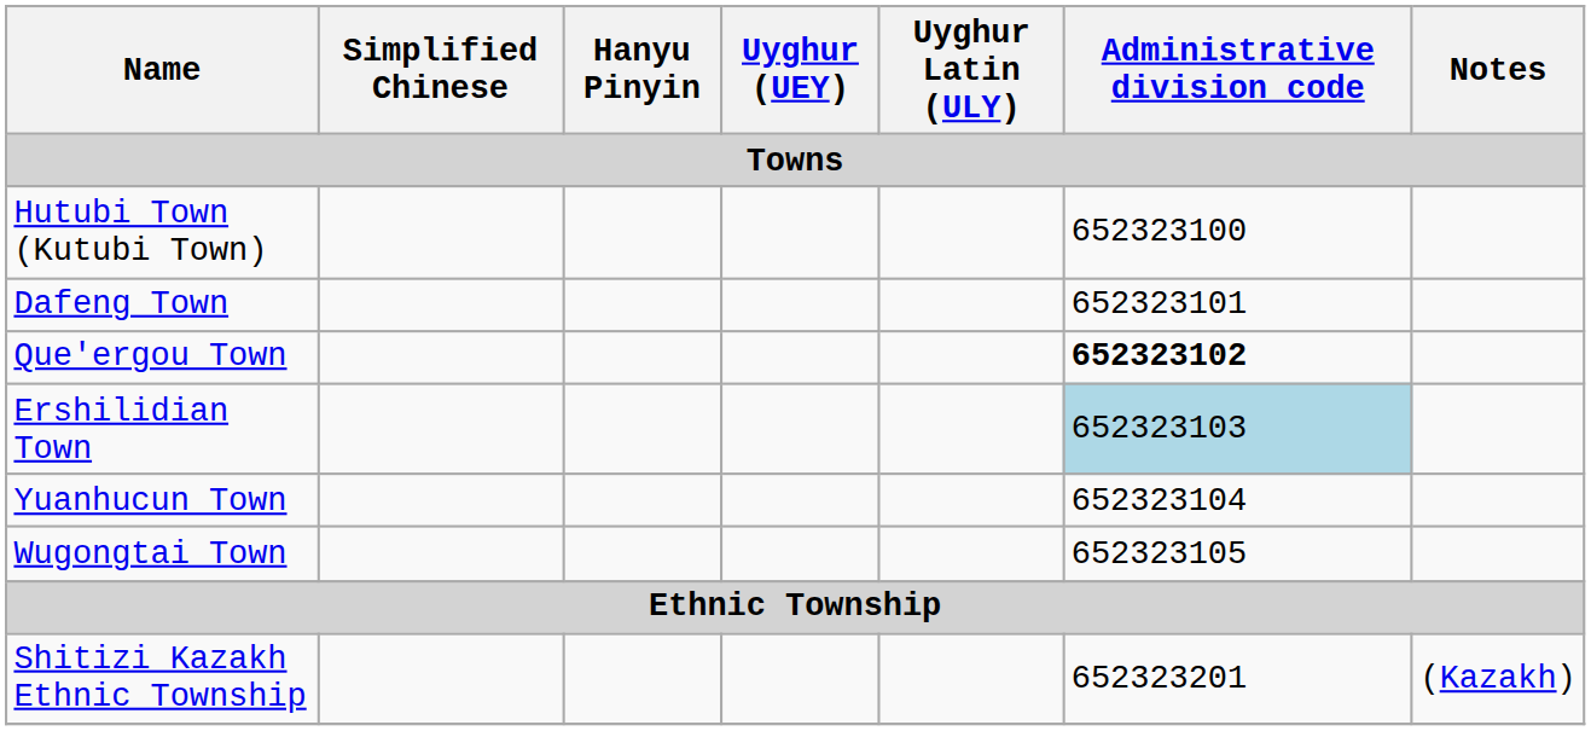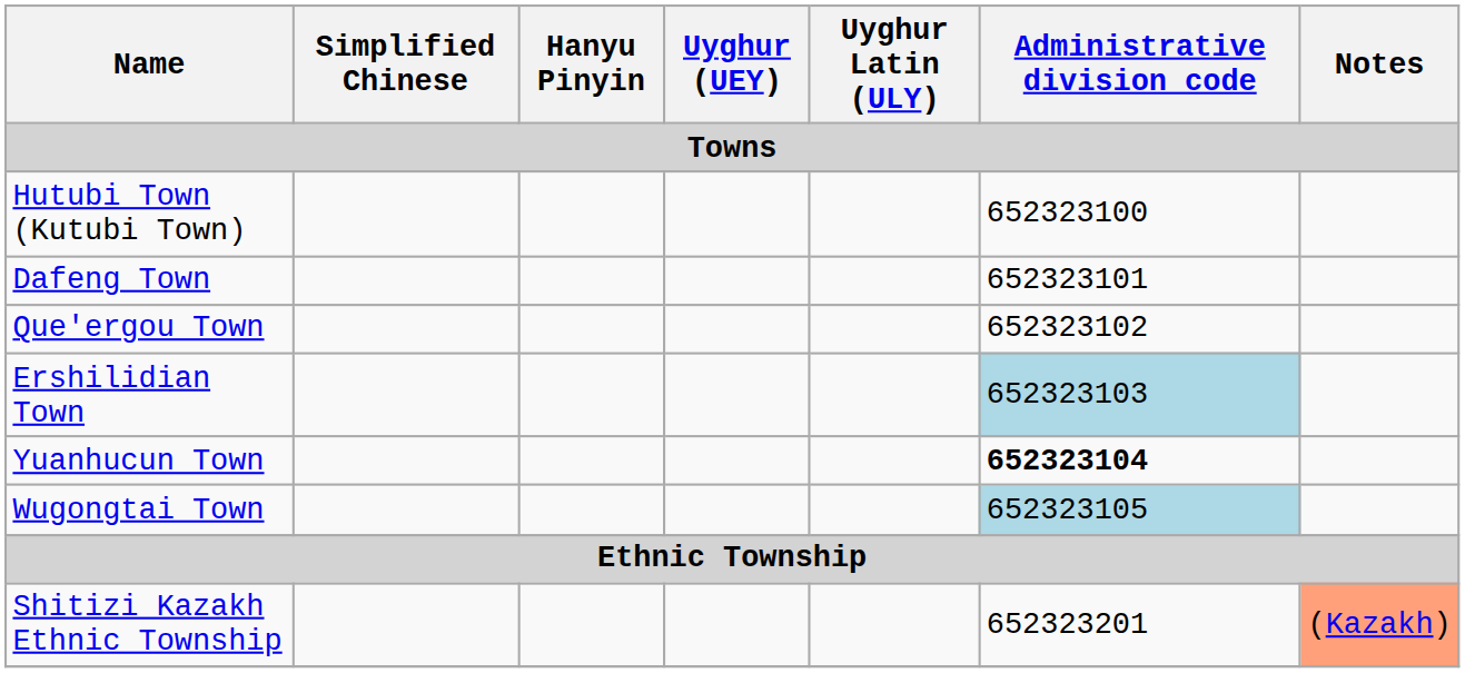 <table class="wikitable" align="center" style="width:50%; border="1">
 <tr>
 <th>Name</th>
 <th>Simplified Chinese</th>
 <th>Hanyu Pinyin</th>
 <th><a href='#'>Uyghur</a> (<a href='#'>UEY</a>)</th>
 <th>Uyghur Latin (<a href='#'>ULY</a>)</th>
 <th><a href='#'>Administrative division code</a></th>
 <th>Notes</th>
 </tr>
 <tr>
 <td colspan="7"  style="text-align:center; background:#d3d3d3;"><strong>Towns</strong></td>
 </tr>
 <tr --------->
 <td><a href='#'>Hutubi Town</a><br>(Kutubi Town)</td>
 <td></td>
 <td></td>
 <td></td>
 <td></td>
 <td>652323100</td>
 <td></td>
 </tr>
 <tr>
 <td><a href='#'>Dafeng Town</a></td>
 <td></td>
 <td></td>
 <td></td>
 <td></td>
 <td>652323101</td>
 <td></td>
 </tr>
 <tr>
 <td><a href='#'>Que'ergou Town</a></td>
 <td></td>
 <td></td>
 <td></td>
 <td></td>
-<td><strong>652323102</strong></td>
+<td>652323102</td>
 <td></td>
 </tr>
 <tr>
 <td><a href='#'>Ershilidian Town</a></td>
 <td></td>
 <td></td>
 <td></td>
 <td></td>
 <td style="background: lightblue;">652323103</td>
 <td></td>
 </tr>
 <tr>
 <td><a href='#'>Yuanhucun Town</a></td>
 <td></td>
 <td></td>
 <td></td>
 <td></td>
-<td>652323104</td>
+<td><strong>652323104</strong></td>
 <td></td>
 </tr>
 <tr>
 <td><a href='#'>Wugongtai Town</a></td>
 <td></td>
 <td></td>
 <td></td>
 <td></td>
-<td>652323105</td>
+<td style="background: lightblue;">652323105</td>
 <td></td>
 </tr>
 <tr>
 <td colspan="7"  style="text-align:center; background:#d3d3d3;"><strong>Ethnic Township</strong></td>
 </tr>
 <tr --------->
 <td><a href='#'>Shitizi Kazakh Ethnic Township</a></td>
 <td></td>
 <td></td>
 <td></td>
 <td></td>
 <td>652323201</td>
-<td>(<a href='#'>Kazakh</a>)<br></td>
+<td style="background: lightsalmon;">(<a href='#'>Kazakh</a>)<br></td>
 </tr>
 <tr>
 </tr>
 </table>
